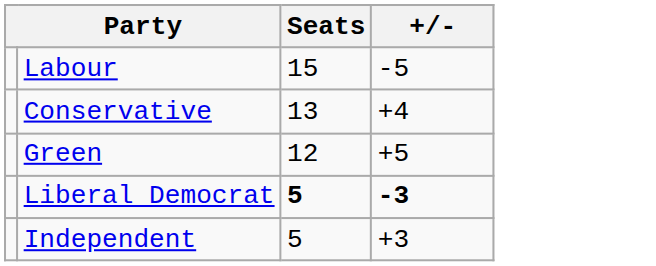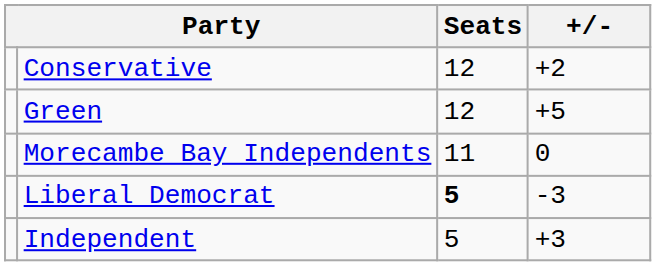 <table class="wikitable">
 <tr>
 <th colspan="2">Party</th>
 <th>Seats</th>
 <th>  +/-  </th>
 </tr>
 <tr>
 <td style="background-color: "></td>
-<td><a href='#'>Labour</a></td>
-<td>15</td>
-<td>-5</td>
-</tr>
-<tr>
-<td style="background-color: "></td>
 <td><a href='#'>Conservative</a></td>
-<td>13</td>
-<td>+4</td>
+<td>12</td>
+<td>+2</td>
 </tr>
 <tr>
 <td style="background-color: "></td>
 <td><a href='#'>Green</a></td>
 <td>12</td>
 <td>+5</td>
 </tr>
 <tr>
 <td style="background-color: "></td>
+<td><a href='#'>Morecambe Bay Independents</a></td>
+<td>11</td>
+<td>0</td>
+</tr>
+<tr>
+<td style="background-color: "></td>
 <td><a href='#'>Liberal Democrat</a></td>
 <td><strong>5</strong></td>
-<td><strong>-3</strong></td>
+<td>-3</td>
 </tr>
 <tr>
 <td style="background-color: "></td>
 <td><a href='#'>Independent</a></td>
 <td>5</td>
 <td>+3</td>
 </tr>
 </table>
